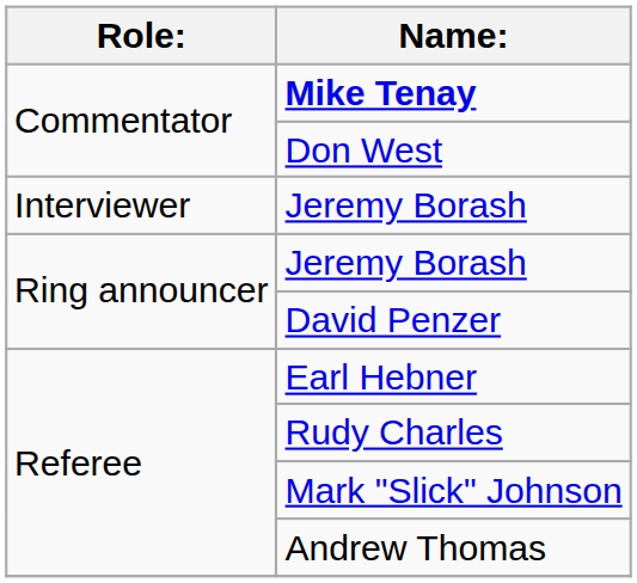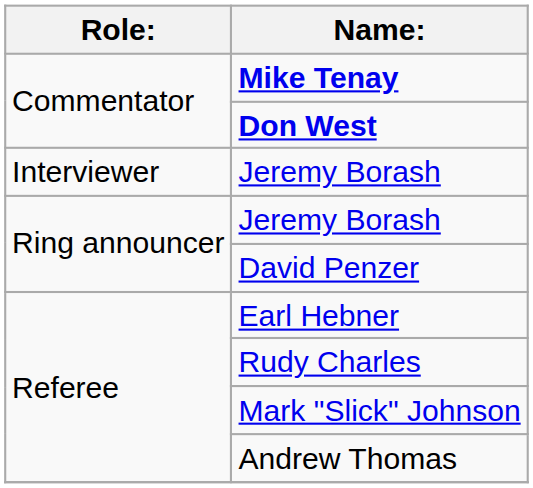 <table class=wikitable style="font-size:90%; margin: 0.5em 0 0.5em 1em; float: right; clear: right;">
 <tr>
 <th>Role:</th>
 <th>Name:</th>
 </tr>
 <tr>
 <td rowspan="2">Commentator</td>
 <td><strong><a href='#'>Mike Tenay</a></strong></td>
 </tr>
 <tr>
-<td><a href='#'>Don West</a></td>
+<td><strong><a href='#'>Don West</a></strong></td>
 </tr>
 <tr>
 <td>Interviewer</td>
 <td><a href='#'>Jeremy Borash</a></td>
 </tr>
 <tr>
 <td rowspan="2">Ring announcer</td>
 <td><a href='#'>Jeremy Borash</a></td>
 </tr>
 <tr>
 <td><a href='#'>David Penzer</a></td>
 </tr>
 <tr>
 <td rowspan="4">Referee</td>
 <td><a href='#'>Earl Hebner</a></td>
 </tr>
 <tr>
 <td><a href='#'>Rudy Charles</a></td>
 </tr>
 <tr>
 <td><a href='#'>Mark "Slick" Johnson</a></td>
 </tr>
 <tr>
 <td>Andrew Thomas</td>
 </tr>
 <tr>
 </tr>
 </table>
